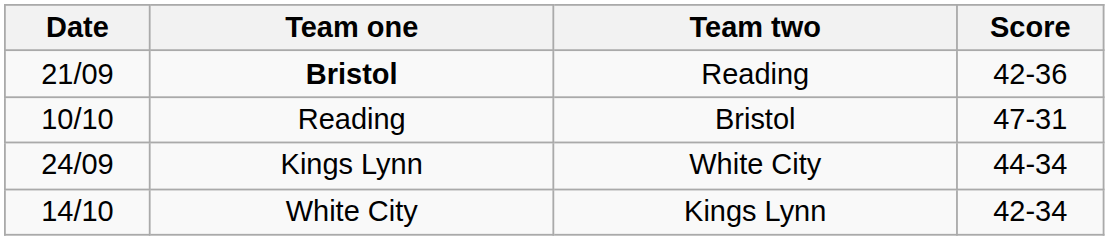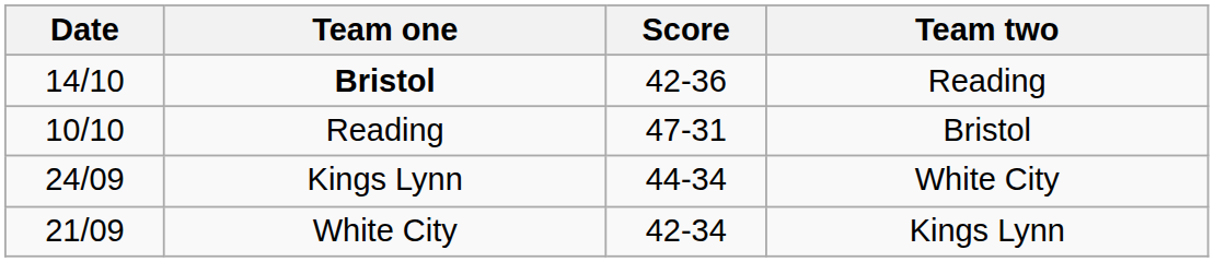 <table class="wikitable" style="text-align: center">
 <tr>
 <th width=80>Date</th>
 <th width=250>Team one</th>
+<th width=80>Score</th>
 <th width=250>Team two</th>
-<th width=80>Score</th>
 </tr>
 <tr>
-<td>21/09</td>
+<td>14/10</td>
 <td><strong>Bristol</strong></td>
+<td>42-36</td>
 <td>Reading</td>
-<td>42-36</td>
 </tr>
 <tr>
 <td>10/10</td>
 <td>Reading</td>
+<td>47-31</td>
 <td>Bristol</td>
-<td>47-31</td>
 </tr>
 <tr>
 <td>24/09</td>
 <td>Kings Lynn</td>
+<td>44-34</td>
 <td>White City</td>
-<td>44-34</td>
 </tr>
 <tr>
-<td>14/10</td>
+<td>21/09</td>
 <td>White City</td>
+<td>42-34</td>
 <td>Kings Lynn</td>
-<td>42-34</td>
 </tr>
 </table>
